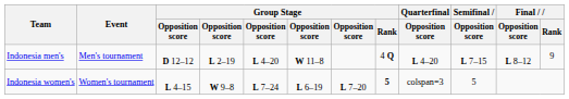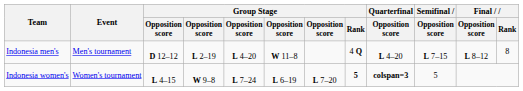 <table class=wikitable style=font-size:85%;text-align:center>
 <tr>
 <th rowspan=2>Team</th>
 <th rowspan=2>Event</th>
 <th colspan=6>Group Stage</th>
 <th>Quarterfinal</th>
 <th>Semifinal / </th>
 <th colspan=2>Final /  / </th>
 </tr>
 <tr style="font-size:95%">
 <th>Opposition<br> score</th>
 <th>Opposition<br> score</th>
 <th>Opposition<br> score</th>
 <th>Opposition<br> score</th>
 <th>Opposition<br> score</th>
 <th>Rank</th>
 <th>Opposition<br> score</th>
 <th>Opposition<br> score</th>
 <th>Opposition<br> score</th>
 <th>Rank</th>
 </tr>
 <tr>
 <td align=left><a href='#'>Indonesia men's</a></td>
 <td align=left><a href='#'>Men's tournament</a></td>
 <td><br><strong>D</strong> 12–12</td>
 <td><br><strong>L</strong> 2–19</td>
 <td><br><strong>L</strong> 4–20</td>
 <td><br><strong>W</strong> 11–8</td>
 <td></td>
 <td>4 <strong>Q</strong></td>
 <td><br><strong>L</strong> 4–20</td>
 <td><br><strong>L</strong> 7–15</td>
 <td><br><strong>L</strong> 8–12</td>
-<td>9</td>
+<td>8</td>
 </tr>
 <tr>
 <td align=left><a href='#'>Indonesia women's</a></td>
 <td align=left><a href='#'>Women's tournament</a></td>
 <td><br><strong>L</strong> 4–15</td>
 <td><br><strong>W</strong> 9–8</td>
 <td><br><strong>L</strong> 7–24</td>
 <td><br><strong>L</strong> 6–19</td>
 <td><br><strong>L</strong> 7–20</td>
 <td><strong>5</strong></td>
-<td>colspan=3 </td>
+<td><strong>colspan=3 </strong></td>
 <td>5</td>
 </tr>
 </table>
